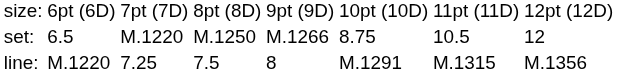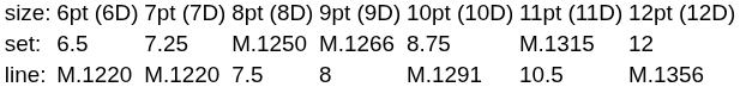 <table style="margin-left:40px;">
 <tr>
 <td>size:</td>
 <td>6pt (6D)</td>
 <td>7pt (7D)</td>
 <td>8pt (8D)</td>
 <td>9pt (9D)</td>
 <td>10pt (10D)</td>
 <td>11pt (11D)</td>
 <td>12pt (12D)</td>
 </tr>
 <tr>
 <td>set:</td>
 <td>6.5</td>
-<td>M.1220</td>
+<td>7.25</td>
 <td>M.1250</td>
 <td>M.1266</td>
 <td>8.75</td>
-<td>10.5</td>
+<td>M.1315</td>
 <td>12</td>
 </tr>
 <tr>
 <td>line:</td>
 <td>M.1220</td>
-<td>7.25</td>
+<td>M.1220</td>
 <td>7.5</td>
 <td>8</td>
 <td>M.1291</td>
-<td>M.1315</td>
+<td>10.5</td>
 <td>M.1356</td>
 </tr>
 </table>
